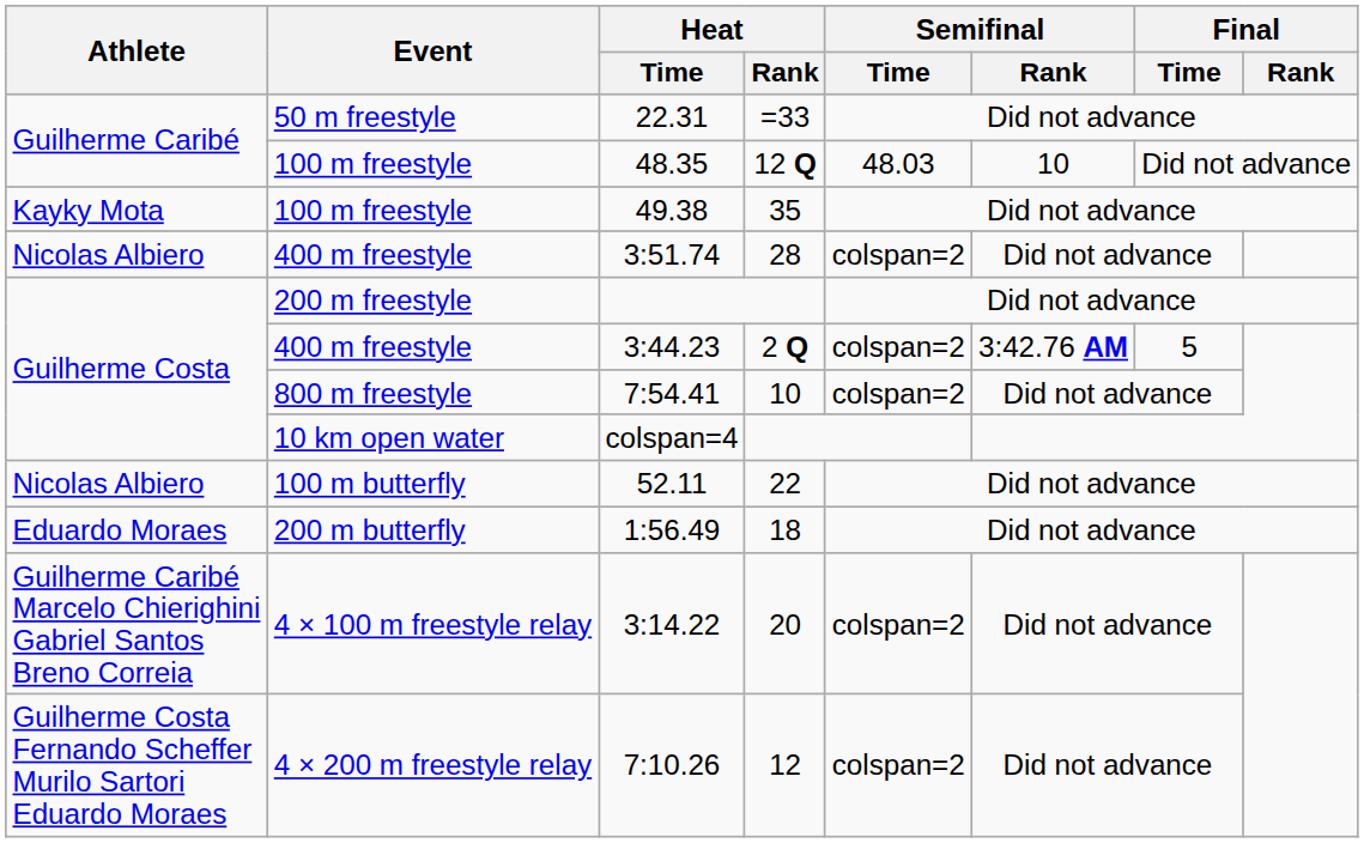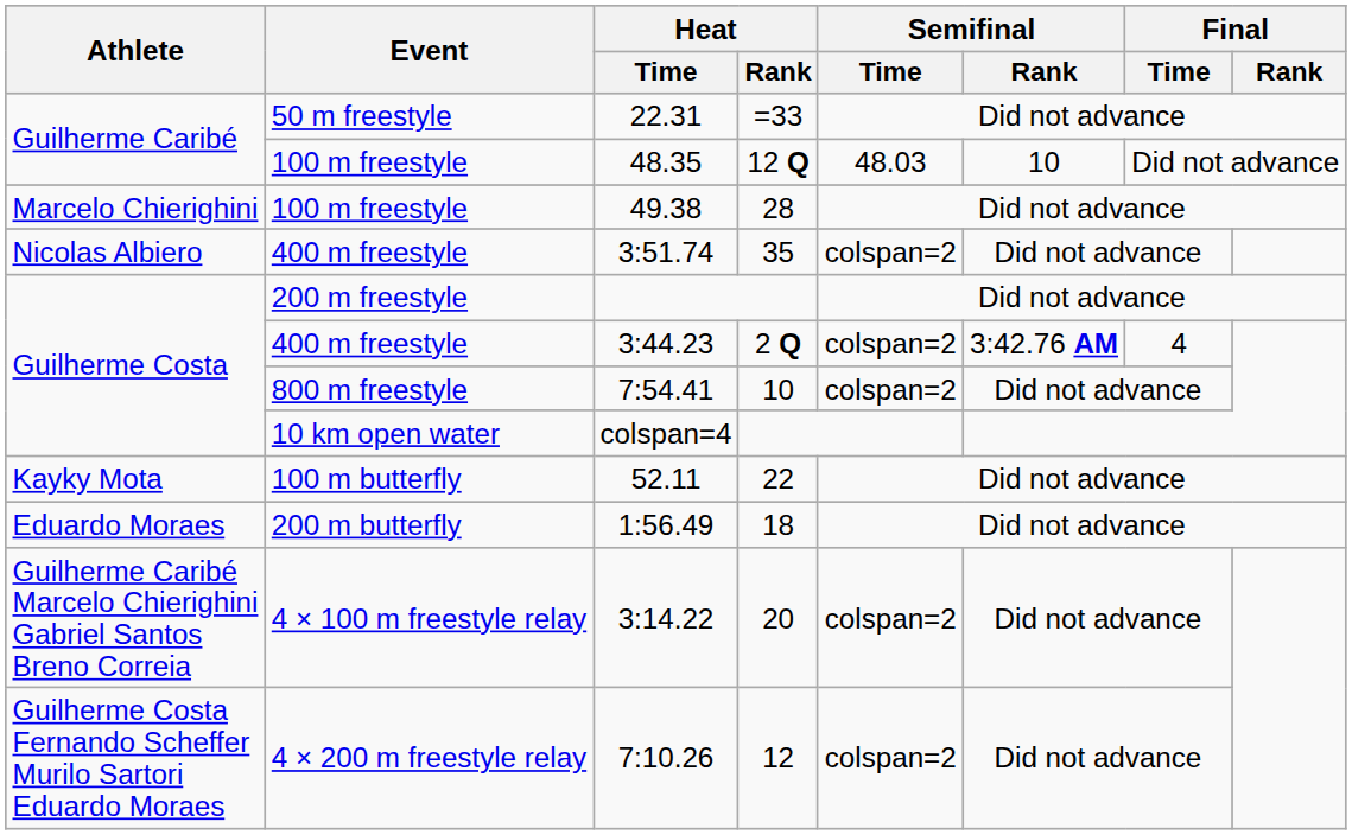 <table class=wikitable style="font-size:90%;">
 <tr>
 <th rowspan=2>Athlete</th>
 <th rowspan=2>Event</th>
 <th colspan=2>Heat</th>
 <th colspan=2>Semifinal</th>
 <th colspan=2>Final</th>
 </tr>
 <tr style=font-size:95%>
 <th>Time</th>
 <th>Rank</th>
 <th>Time</th>
 <th>Rank</th>
 <th>Time</th>
 <th>Rank</th>
 </tr>
 <tr align=center>
 <td align=left rowspan=2><a href='#'>Guilherme Caribé</a></td>
 <td align=left><a href='#'>50 m freestyle</a></td>
 <td>22.31</td>
 <td>=33</td>
 <td colspan="4">Did not advance</td>
 </tr>
 <tr align=center>
 <td align=left><a href='#'>100 m freestyle</a></td>
 <td>48.35</td>
 <td>12 <strong>Q</strong></td>
 <td>48.03</td>
 <td>10</td>
 <td colspan="2">Did not advance</td>
 </tr>
 <tr align=center>
-<td align=left><a href='#'>Kayky Mota</a></td>
+<td align=left><a href='#'>Marcelo Chierighini</a></td>
 <td align=left><a href='#'>100 m freestyle</a></td>
 <td>49.38</td>
-<td>35</td>
+<td>28</td>
 <td colspan="4">Did not advance</td>
 </tr>
 <tr align=center>
 <td align=left><a href='#'>Nicolas Albiero</a></td>
 <td align=left><a href='#'>400 m freestyle</a></td>
 <td>3:51.74</td>
-<td>28</td>
+<td>35</td>
 <td>colspan=2 </td>
 <td colspan="2">Did not advance</td>
 </tr>
 <tr align=center>
 <td align=left rowspan=4><a href='#'>Guilherme Costa</a></td>
 <td align=left><a href='#'>200 m freestyle</a></td>
 <td colspan="2"></td>
 <td colspan="4">Did not advance</td>
 </tr>
 <tr align=center>
 <td align=left><a href='#'>400 m freestyle</a></td>
 <td>3:44.23</td>
 <td>2 <strong>Q</strong></td>
 <td>colspan=2 </td>
 <td>3:42.76 <strong><a href='#'>AM</a></strong></td>
-<td>5</td>
+<td>4</td>
 </tr>
 <tr align=center>
 <td align=left><a href='#'>800 m freestyle</a></td>
 <td>7:54.41</td>
 <td>10</td>
 <td>colspan=2 </td>
 <td colspan="2">Did not advance</td>
 </tr>
 <tr align=center>
 <td align=left><a href='#'>10 km open water</a></td>
 <td>colspan=4 </td>
 <td colspan=2></td>
 </tr>
 <tr align=center>
-<td align=left><a href='#'>Nicolas Albiero</a></td>
+<td align=left><a href='#'>Kayky Mota</a></td>
 <td align=left><a href='#'>100 m butterfly</a></td>
 <td>52.11</td>
 <td>22</td>
 <td colspan="4">Did not advance</td>
 </tr>
 <tr align=center>
 <td align=left><a href='#'>Eduardo Moraes</a></td>
 <td align=left><a href='#'>200 m butterfly</a></td>
 <td>1:56.49</td>
 <td>18</td>
 <td colspan="4">Did not advance</td>
 </tr>
 <tr align=center>
 <td align=left><a href='#'>Guilherme Caribé</a><br><a href='#'>Marcelo Chierighini</a><br><a href='#'>Gabriel Santos</a><br><a href='#'>Breno Correia</a></td>
 <td align=left><a href='#'>4 × 100 m freestyle relay</a></td>
 <td>3:14.22</td>
 <td>20</td>
 <td>colspan=2 </td>
 <td colspan="2">Did not advance</td>
 </tr>
 <tr align=center>
 <td align=left><a href='#'>Guilherme Costa</a><br><a href='#'>Fernando Scheffer</a><br><a href='#'>Murilo Sartori</a><br><a href='#'>Eduardo Moraes</a></td>
 <td align=left><a href='#'>4 × 200 m freestyle relay</a></td>
 <td>7:10.26</td>
 <td>12</td>
 <td>colspan=2 </td>
 <td colspan="2">Did not advance</td>
 </tr>
 </table>
